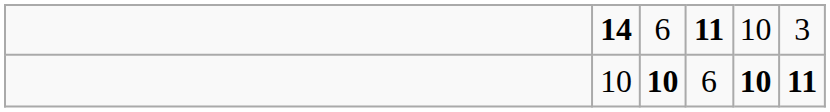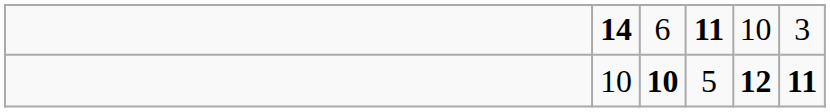 <table class="wikitable">
 <tr>
 <td style="width:18em"></td>
 <td align=center style="width:1em"><strong>14</strong></td>
 <td align=center style="width:1em">6</td>
 <td align=center style="width:1em"><strong>11</strong></td>
 <td align=center style="width:1em">10</td>
 <td align=center style="width:1em">3</td>
 </tr>
 <tr>
 <td style="width:18em"></td>
 <td align=center style="width:1em">10</td>
 <td align=center style="width:1em"><strong>10</strong></td>
-<td align=center style="width:1em">6</td>
-<td align=center style="width:1em"><strong>10</strong></td>
+<td align=center style="width:1em">5</td>
+<td align=center style="width:1em"><strong>12</strong></td>
 <td align=center style="width:1em"><strong>11</strong></td>
 </tr>
 </table>
